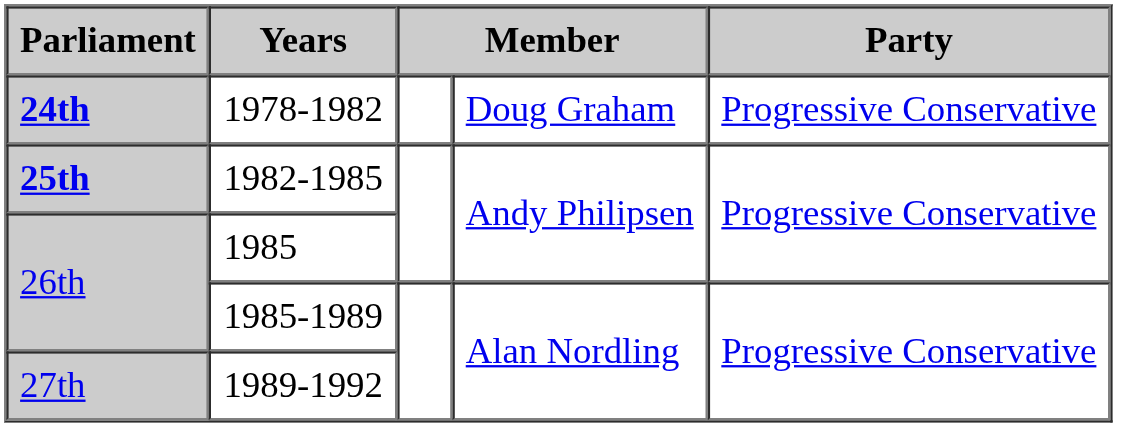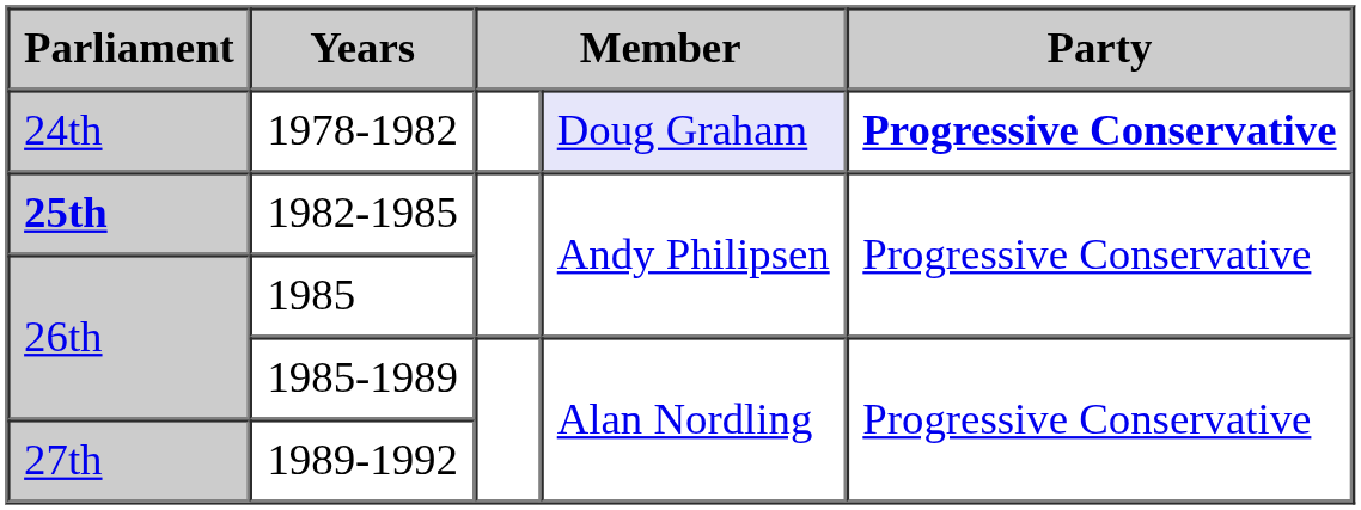 <table border=1 cellpadding=5 cellspacing=0>
 <tr bgcolor="CCCCCC">
 <th>Parliament</th>
 <th>Years</th>
 <th colspan="2">Member</th>
 <th>Party</th>
 </tr>
 <tr>
-<td bgcolor="CCCCCC"><strong><a href='#'>24th</a></strong></td>
+<td bgcolor="CCCCCC"><a href='#'>24th</a></td>
 <td>1978-1982</td>
 <td>   </td>
-<td><a href='#'>Doug Graham</a></td>
-<td><a href='#'>Progressive Conservative</a></td>
+<td style="background: lavender;"><a href='#'>Doug Graham</a></td>
+<td><strong><a href='#'>Progressive Conservative</a></strong></td>
 </tr>
 <tr>
 <td bgcolor="CCCCCC"><strong><a href='#'>25th</a></strong></td>
 <td>1982-1985</td>
 <td rowspan="2" >   </td>
 <td rowspan="2"><a href='#'>Andy Philipsen</a></td>
 <td rowspan="2"><a href='#'>Progressive Conservative</a></td>
 </tr>
 <tr>
 <td bgcolor="CCCCCC" rowspan="2"><a href='#'>26th</a></td>
 <td>1985</td>
 </tr>
 <tr>
 <td>1985-1989</td>
 <td rowspan="2" >   </td>
 <td rowspan="2"><a href='#'>Alan Nordling</a></td>
 <td rowspan="2"><a href='#'>Progressive Conservative</a></td>
 </tr>
 <tr>
 <td bgcolor="CCCCCC"><a href='#'>27th</a></td>
 <td>1989-1992</td>
 </tr>
 </table>
